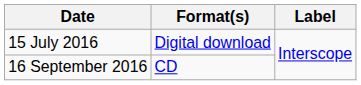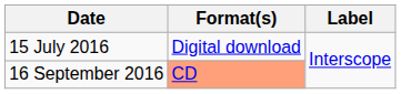 <table class="wikitable plainrowheaders">
 <tr>
 <th scope="col">Date</th>
 <th scope="col">Format(s)</th>
 <th scope="col">Label</th>
 </tr>
 <tr>
 <td>15 July 2016</td>
 <td><a href='#'>Digital download</a></td>
 <td rowspan="2"><a href='#'>Interscope</a></td>
 </tr>
 <tr>
 <td>16 September 2016</td>
-<td><a href='#'>CD</a></td>
+<td style="background: lightsalmon;"><a href='#'>CD</a></td>
 </tr>
 </table>
